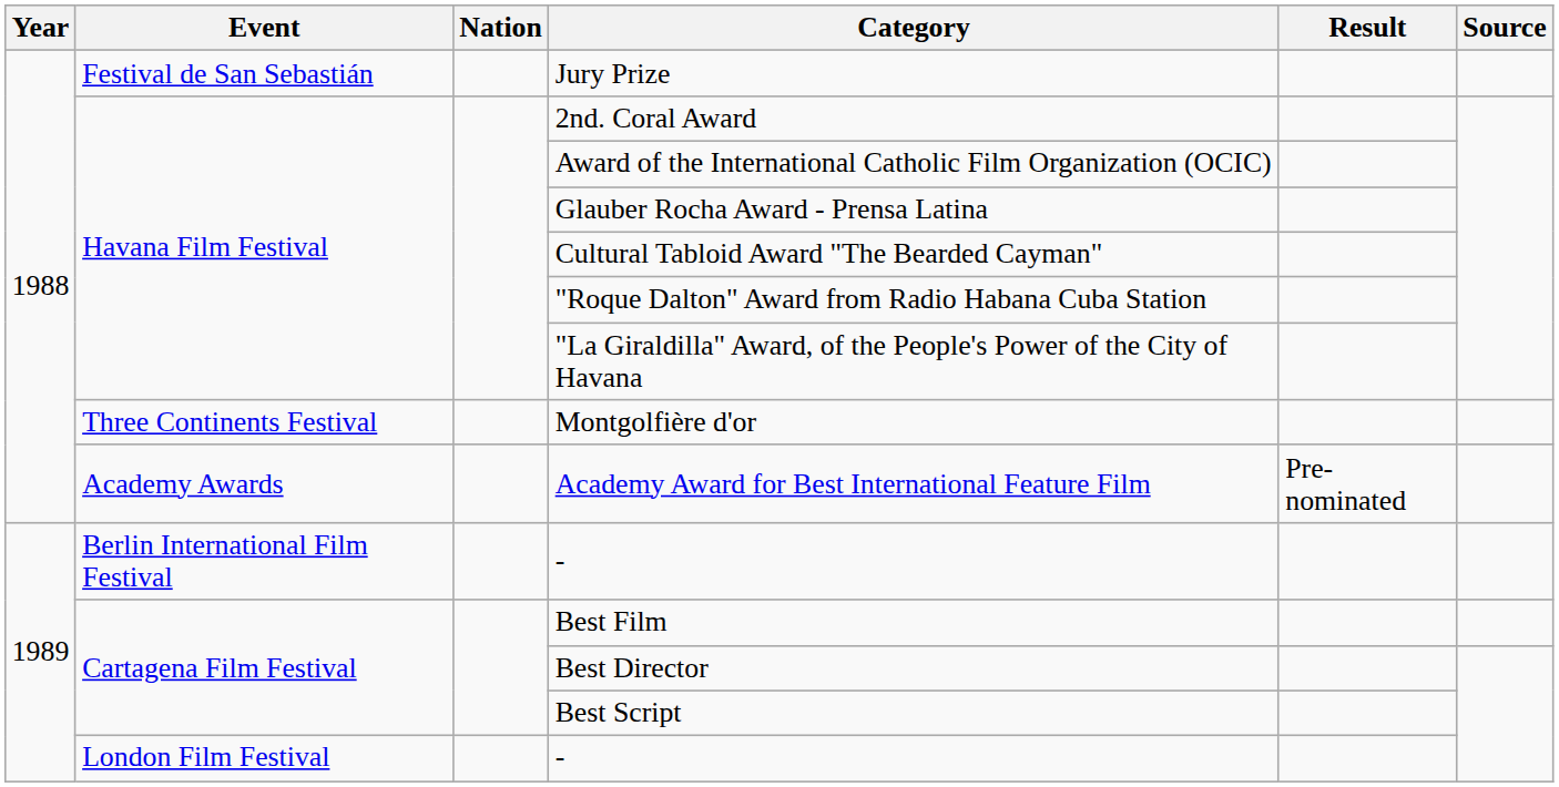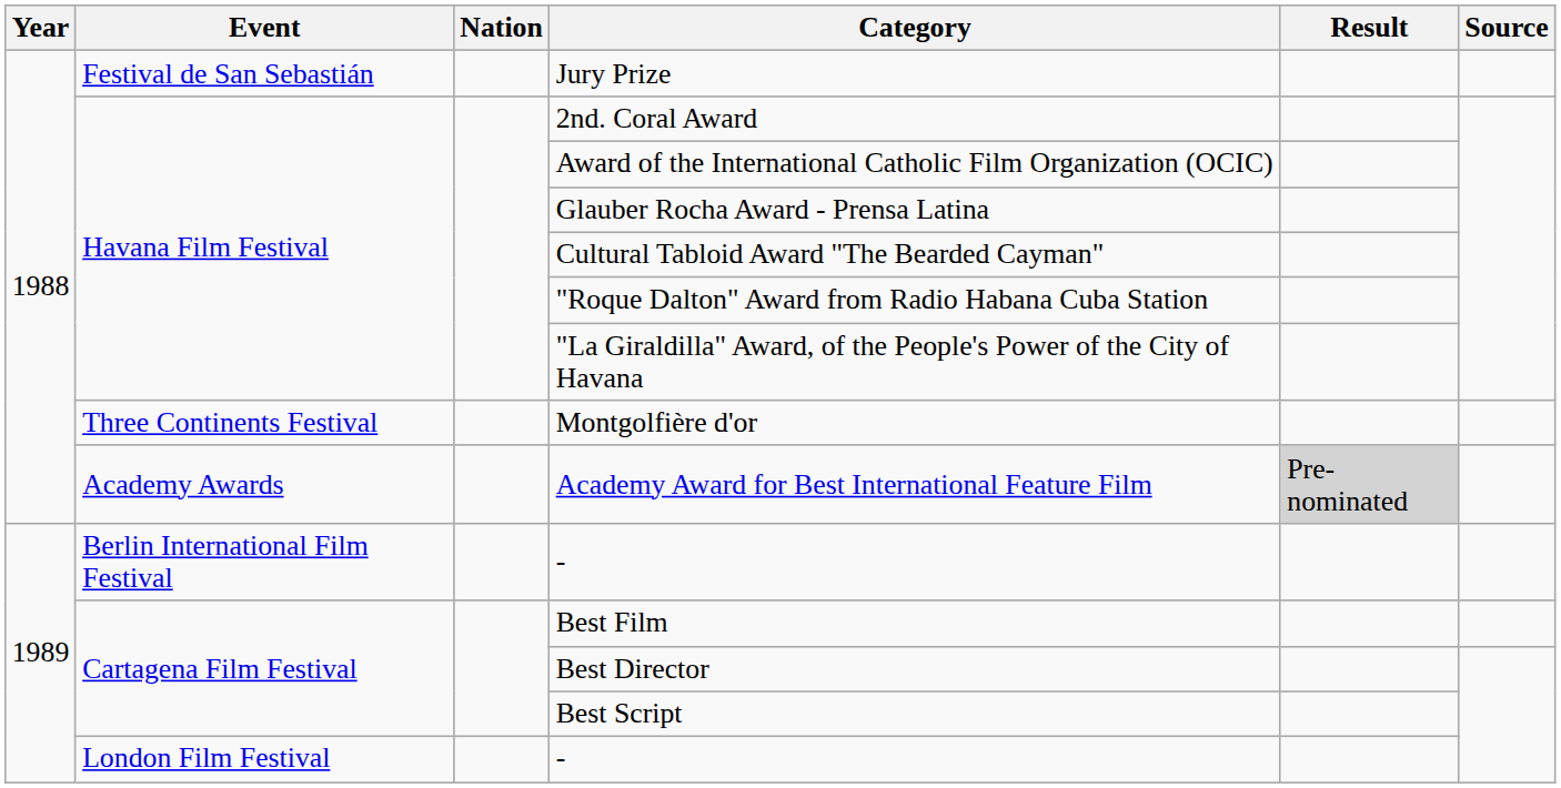 <table class="wikitable">
 <tr>
 <th><strong>Year</strong></th>
 <th>Event</th>
 <th>Nation</th>
 <th><strong>Category</strong></th>
 <th>Result</th>
 <th>Source</th>
 </tr>
 <tr>
 <td rowspan="9">1988</td>
 <td><a href='#'>Festival de San Sebastián</a></td>
 <td></td>
 <td>Jury Prize</td>
 <td></td>
 <td></td>
 </tr>
 <tr>
 <td rowspan="6"><a href='#'>Havana Film Festival</a></td>
 <td rowspan="6"></td>
 <td>2nd. Coral Award</td>
 <td></td>
 <td rowspan="6"></td>
 </tr>
 <tr>
 <td>Award of the International Catholic Film Organization (OCIC)</td>
 <td></td>
 </tr>
 <tr>
 <td>Glauber Rocha Award - Prensa Latina</td>
 <td></td>
 </tr>
 <tr>
 <td>Cultural Tabloid Award "The Bearded Cayman"</td>
 <td></td>
 </tr>
 <tr>
 <td>"Roque Dalton" Award from Radio Habana Cuba Station</td>
 <td></td>
 </tr>
 <tr>
 <td>"La Giraldilla" Award, of the People's Power of the City of Havana</td>
 <td></td>
 </tr>
 <tr>
 <td><a href='#'>Three Continents Festival</a></td>
 <td></td>
 <td>Montgolfière d'or</td>
 <td></td>
 <td></td>
 </tr>
 <tr>
 <td><a href='#'>Academy Awards</a></td>
 <td></td>
 <td><a href='#'>Academy Award for Best International Feature Film</a></td>
-<td>Pre-nominated</td>
+<td style="background: lightgrey;">Pre-nominated</td>
 <td></td>
 </tr>
 <tr>
 <td rowspan="5">1989</td>
 <td><a href='#'>Berlin International Film Festival</a></td>
 <td></td>
 <td>-</td>
 <td></td>
 <td></td>
 </tr>
 <tr>
 <td rowspan="3"><a href='#'>Cartagena Film Festival</a></td>
 <td rowspan="3"></td>
 <td>Best Film</td>
 <td></td>
 <td></td>
 </tr>
 <tr>
 <td>Best Director</td>
 <td></td>
 <td rowspan="3"></td>
 </tr>
 <tr>
 <td>Best Script</td>
 <td></td>
 </tr>
 <tr>
 <td><a href='#'>London Film Festival</a></td>
 <td></td>
 <td>-</td>
 <td></td>
 </tr>
 </table>
